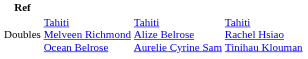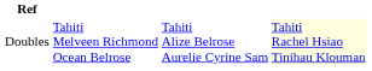 <table>
 <tr>
 <th>Ref</th>
 </tr>
 <tr>
 <td>Doubles</td>
 <td valign=top> <a href='#'>Tahiti</a><br><a href='#'>Melveen Richmond</a><br><a href='#'>Ocean Belrose</a></td>
 <td valign=top> <a href='#'>Tahiti</a><br><a href='#'>Alize Belrose</a><br><a href='#'>Aurelie Cyrine Sam</a></td>
-<td valign=top> <a href='#'>Tahiti</a><br><a href='#'>Rachel Hsiao</a><br><a href='#'>Tinihau Klouman</a></td>
+<td valign=top style="background: lightyellow;"> <a href='#'>Tahiti</a><br><a href='#'>Rachel Hsiao</a><br><a href='#'>Tinihau Klouman</a></td>
 <td align=center></td>
 </tr>
 </table>
